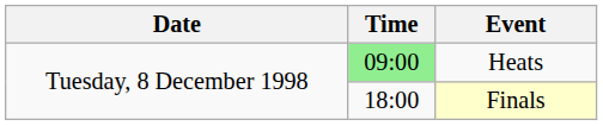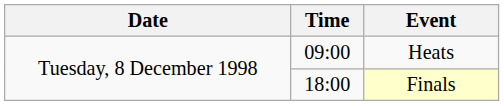 <table class = "wikitable" style="text-align:center;">
 <tr>
 <th width=220>Date</th>
 <th width=50>Time</th>
 <th width=100>Event</th>
 </tr>
 <tr>
 <td rowspan=2>Tuesday, 8 December 1998</td>
-<td style="background: lightgreen;">09:00</td>
+<td>09:00</td>
 <td>Heats</td>
 </tr>
 <tr>
 <td>18:00</td>
 <td bgcolor=ffffcc>Finals</td>
 </tr>
 </table>
